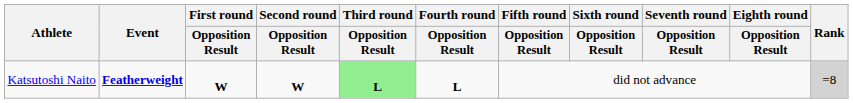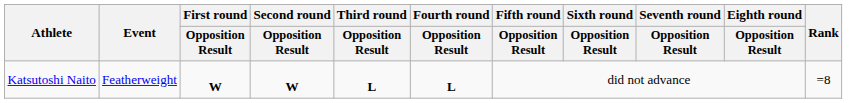 <table class="wikitable" style="font-size:90%;">
 <tr>
 <th rowspan=2>Athlete</th>
 <th rowspan=2>Event</th>
 <th>First round</th>
 <th>Second round</th>
 <th>Third round</th>
 <th>Fourth round</th>
 <th>Fifth round</th>
 <th>Sixth round</th>
 <th>Seventh round</th>
 <th>Eighth round</th>
 <th rowspan=2>Rank</th>
 </tr>
 <tr style="font-size: 95%">
 <th>Opposition<br>Result</th>
 <th>Opposition<br>Result</th>
 <th>Opposition<br>Result</th>
 <th>Opposition<br>Result</th>
 <th>Opposition<br>Result</th>
 <th>Opposition<br>Result</th>
 <th>Opposition<br>Result</th>
 <th>Opposition<br>Result</th>
 </tr>
 <tr align=center>
 <td align=left><a href='#'>Katsutoshi Naito</a></td>
-<td align=left><strong><a href='#'>Featherweight</a></strong></td>
+<td align=left><a href='#'>Featherweight</a></td>
 <td> <br> <strong>W</strong></td>
 <td> <br> <strong>W</strong></td>
-<td style="background: lightgreen;"> <br> <strong>L</strong></td>
+<td> <br> <strong>L</strong></td>
 <td> <br> <strong>L</strong></td>
 <td colspan=4>did not advance</td>
-<td style="background: lightgrey;">=8</td>
+<td>=8</td>
 </tr>
 </table>
